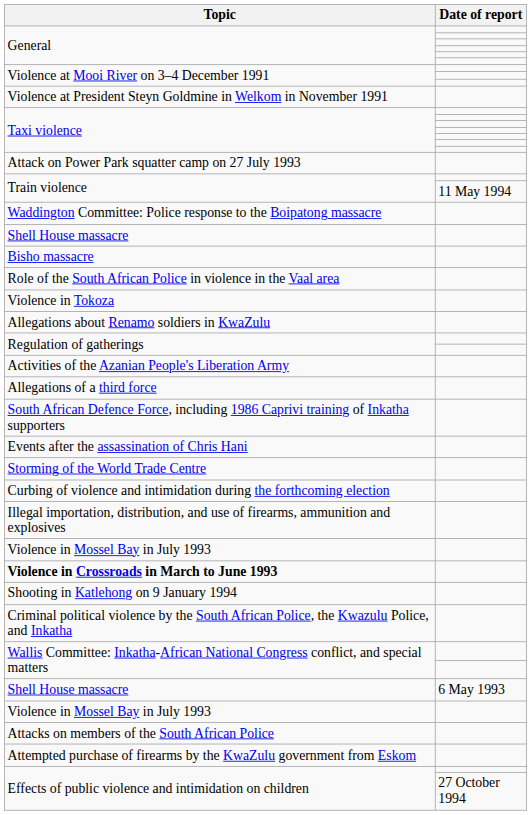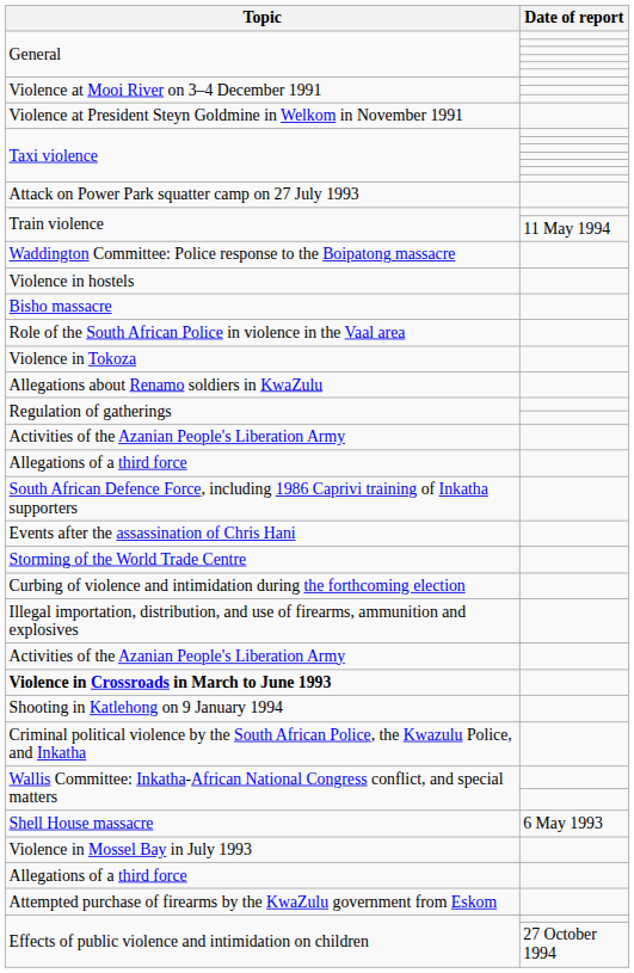 <table class="wikitable sortable">
 <tr>
 <th>Topic</th>
 <th>Date of report</th>
 </tr>
 <tr>
 <td rowspan="6">General</td>
 <td></td>
 </tr>
 <tr>
 <td></td>
 </tr>
 <tr>
 <td></td>
 </tr>
 <tr>
 <td></td>
 </tr>
 <tr>
 <td></td>
 </tr>
 <tr>
 <td></td>
 </tr>
 <tr>
 <td rowspan="3">Violence at <a href='#'>Mooi River</a> on 3–4 December 1991</td>
 <td></td>
 </tr>
 <tr>
 <td></td>
 </tr>
 <tr>
 <td></td>
 </tr>
 <tr>
 <td>Violence at President Steyn Goldmine in <a href='#'>Welkom</a> in November 1991</td>
 <td></td>
 </tr>
 <tr>
 <td rowspan="7"><a href='#'>Taxi violence</a></td>
 <td></td>
 </tr>
 <tr>
 <td></td>
 </tr>
 <tr>
 <td></td>
 </tr>
 <tr>
 <td></td>
 </tr>
 <tr>
 <td></td>
 </tr>
 <tr>
 <td></td>
 </tr>
 <tr>
 <td></td>
 </tr>
 <tr>
 <td>Attack on Power Park squatter camp on 27 July 1993</td>
 <td></td>
 </tr>
 <tr>
 <td rowspan="2">Train violence</td>
 <td></td>
 </tr>
 <tr>
 <td>11 May 1994</td>
 </tr>
 <tr>
 <td><a href='#'>Waddington</a> Committee: Police response to the <a href='#'>Boipatong massacre</a></td>
 <td></td>
 </tr>
 <tr>
-<td><a href='#'>Shell House massacre</a></td>
+<td>Violence in hostels</td>
 <td></td>
 </tr>
 <tr>
 <td><a href='#'>Bisho massacre</a></td>
 <td></td>
 </tr>
 <tr>
 <td>Role of the <a href='#'>South African Police</a> in violence in the <a href='#'>Vaal area</a></td>
 <td></td>
 </tr>
 <tr>
 <td>Violence in <a href='#'>Tokoza</a></td>
 <td></td>
 </tr>
 <tr>
 <td>Allegations about <a href='#'>Renamo</a> soldiers in <a href='#'>KwaZulu</a></td>
 <td></td>
 </tr>
 <tr>
 <td rowspan="2">Regulation of gatherings</td>
 <td></td>
 </tr>
 <tr>
 <td></td>
 </tr>
 <tr>
 <td>Activities of the <a href='#'>Azanian People's Liberation Army</a></td>
 <td></td>
 </tr>
 <tr>
 <td>Allegations of a <a href='#'>third force</a></td>
 <td></td>
 </tr>
 <tr>
 <td><a href='#'>South African Defence Force</a>, including <a href='#'>1986 Caprivi training</a> of <a href='#'>Inkatha</a> supporters</td>
 <td></td>
 </tr>
 <tr>
 <td>Events after the <a href='#'>assassination of Chris Hani</a></td>
 <td></td>
 </tr>
 <tr>
 <td><a href='#'>Storming of the World Trade Centre</a></td>
 <td></td>
 </tr>
 <tr>
 <td>Curbing of violence and intimidation during <a href='#'>the forthcoming election</a></td>
 <td></td>
 </tr>
 <tr>
 <td>Illegal importation, distribution, and use of firearms, ammunition and explosives</td>
 <td></td>
 </tr>
 <tr>
-<td>Violence in <a href='#'>Mossel Bay</a> in July 1993</td>
+<td>Activities of the <a href='#'>Azanian People's Liberation Army</a></td>
 <td></td>
 </tr>
 <tr>
 <td><strong>Violence in <a href='#'>Crossroads</a> in March to June 1993</strong></td>
 <td></td>
 </tr>
 <tr>
 <td>Shooting in <a href='#'>Katlehong</a> on 9 January 1994</td>
 <td></td>
 </tr>
 <tr>
 <td>Criminal political violence by the <a href='#'>South African Police</a>, the <a href='#'>Kwazulu</a> Police, and <a href='#'>Inkatha</a></td>
 <td></td>
 </tr>
 <tr>
 <td rowspan="2"><a href='#'>Wallis</a> Committee: <a href='#'>Inkatha</a>-<a href='#'>African National Congress</a> conflict, and special matters</td>
 <td></td>
 </tr>
 <tr>
 <td></td>
 </tr>
 <tr>
 <td><a href='#'>Shell House massacre</a></td>
 <td>6 May 1993</td>
 </tr>
 <tr>
 <td>Violence in <a href='#'>Mossel Bay</a> in July 1993</td>
 <td></td>
 </tr>
 <tr>
-<td>Attacks on members of the <a href='#'>South African Police</a></td>
+<td>Allegations of a <a href='#'>third force</a></td>
 <td></td>
 </tr>
 <tr>
 <td>Attempted purchase of firearms by the <a href='#'>KwaZulu</a> government from <a href='#'>Eskom</a></td>
 <td></td>
 </tr>
 <tr>
 <td rowspan="2">Effects of public violence and intimidation on children</td>
 <td></td>
 </tr>
 <tr>
 <td>27 October 1994</td>
 </tr>
 </table>
